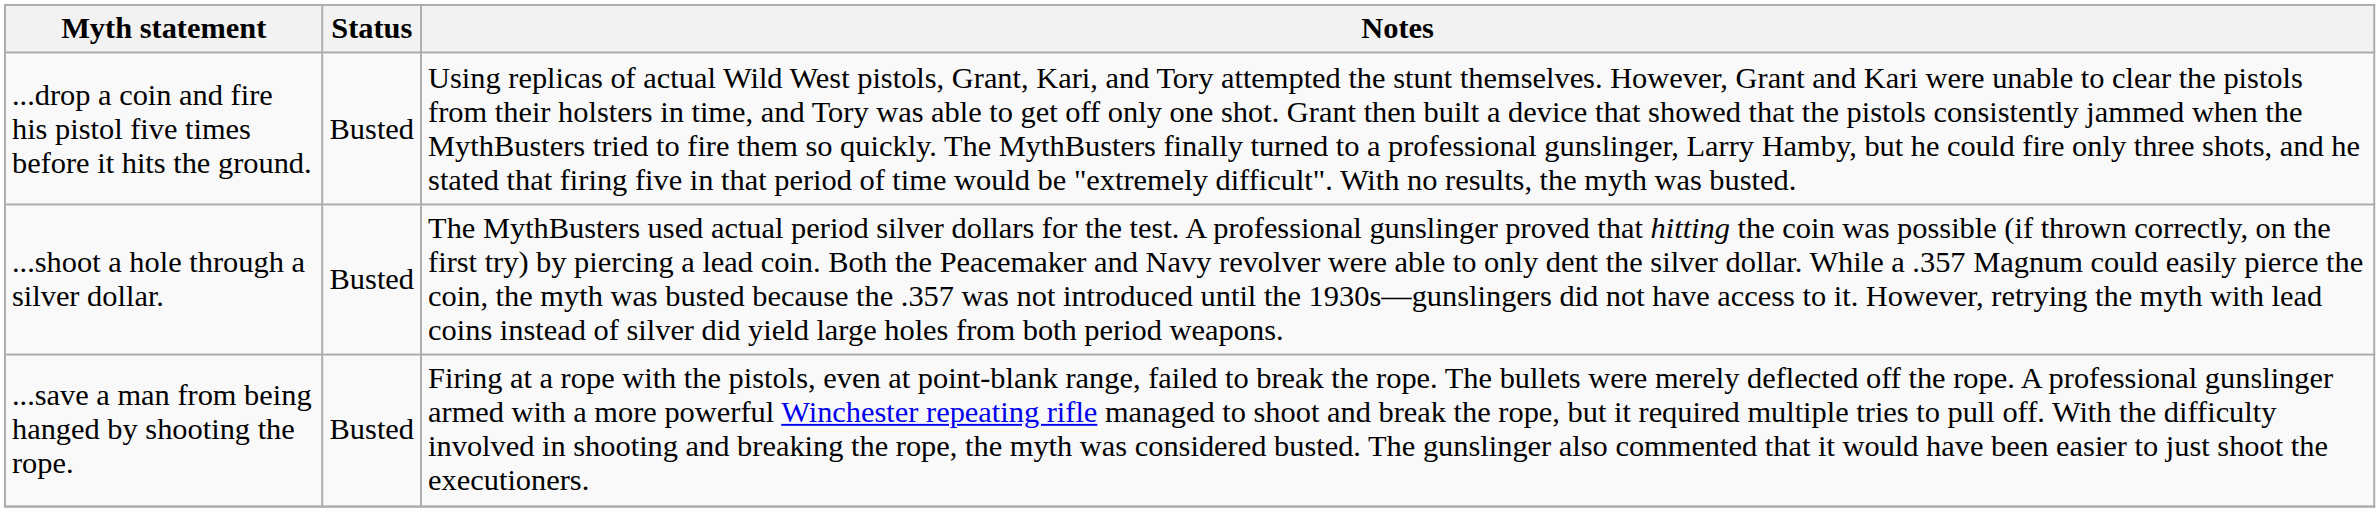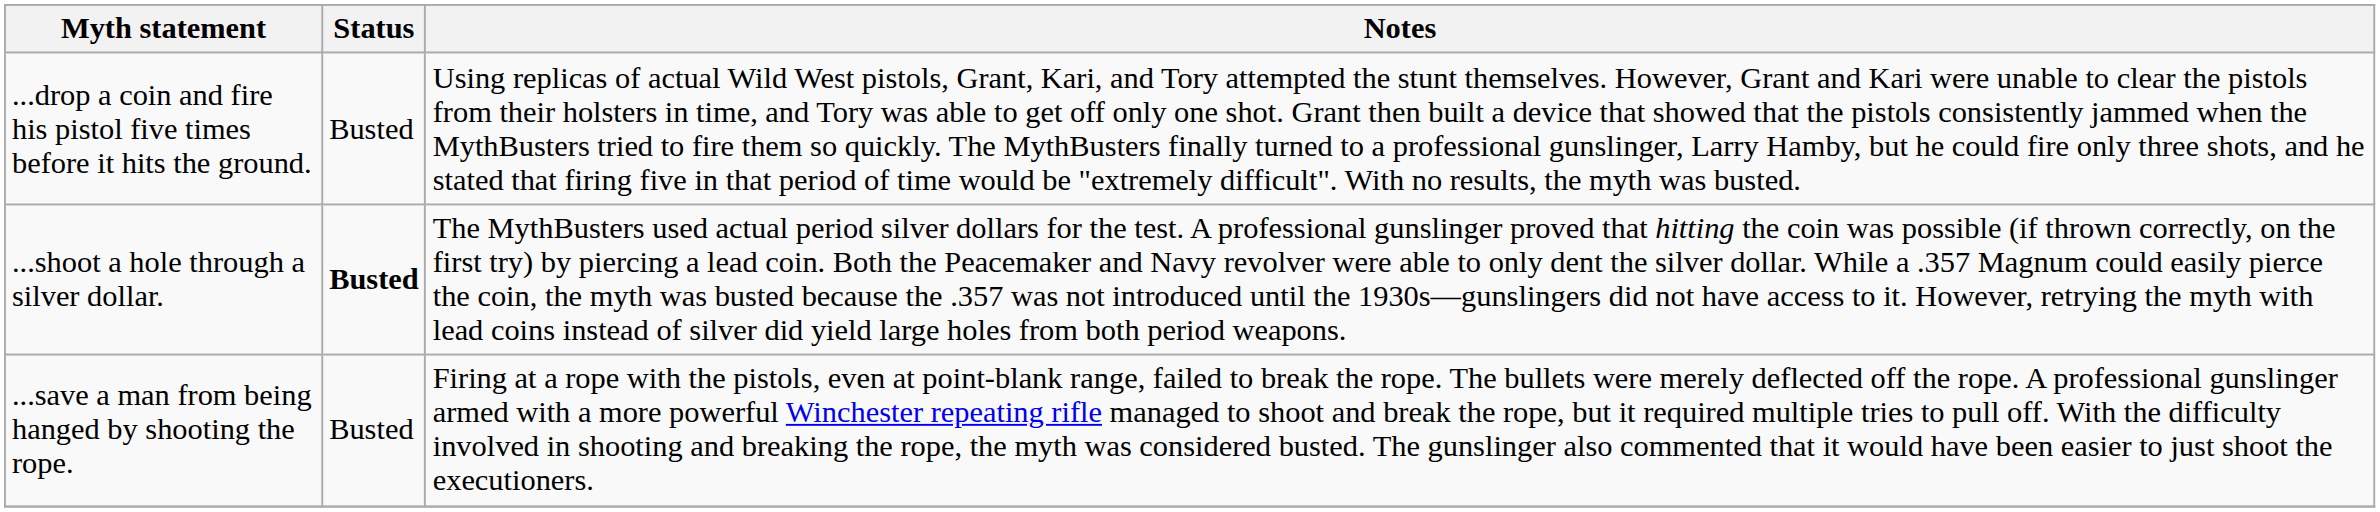 <table class="wikitable plainrowheaders">
 <tr>
 <th>Myth statement</th>
 <th>Status</th>
 <th>Notes</th>
 </tr>
 <tr>
 <td>...drop a coin and fire his pistol five times before it hits the ground.</td>
 <td><span> Busted </span></td>
 <td>Using replicas of actual Wild West pistols, Grant, Kari, and Tory attempted the stunt themselves. However, Grant and Kari were unable to clear the pistols from their holsters in time, and Tory was able to get off only one shot. Grant then built a device that showed that the pistols consistently jammed when the MythBusters tried to fire them so quickly. The MythBusters finally turned to a professional gunslinger, Larry Hamby, but he could fire only three shots, and he stated that firing five in that period of time would be "extremely difficult". With no results, the myth was busted.</td>
 </tr>
 <tr>
 <td>...shoot a hole through a silver dollar.</td>
-<td><span> Busted </span></td>
+<td><strong><span> Busted </span></strong></td>
 <td>The MythBusters used actual period silver dollars for the test. A professional gunslinger proved that <em>hitting</em> the coin was possible (if thrown correctly, on the first try) by piercing a lead coin. Both the Peacemaker and Navy revolver were able to only dent the silver dollar. While a .357 Magnum could easily pierce the coin, the myth was busted because the .357 was not introduced until the 1930s—gunslingers did not have access to it. However, retrying the myth with lead coins instead of silver did yield large holes from both period weapons.</td>
 </tr>
 <tr>
 <td>...save a man from being hanged by shooting the rope.</td>
 <td><span> Busted </span></td>
 <td>Firing at a rope with the pistols, even at point-blank range, failed to break the rope. The bullets were merely deflected off the rope. A professional gunslinger armed with a more powerful <a href='#'>Winchester repeating rifle</a> managed to shoot and break the rope, but it required multiple tries to pull off. With the difficulty involved in shooting and breaking the rope, the myth was considered busted. The gunslinger also commented that it would have been easier to just shoot the executioners.</td>
 </tr>
 <tr>
 </tr>
 </table>
